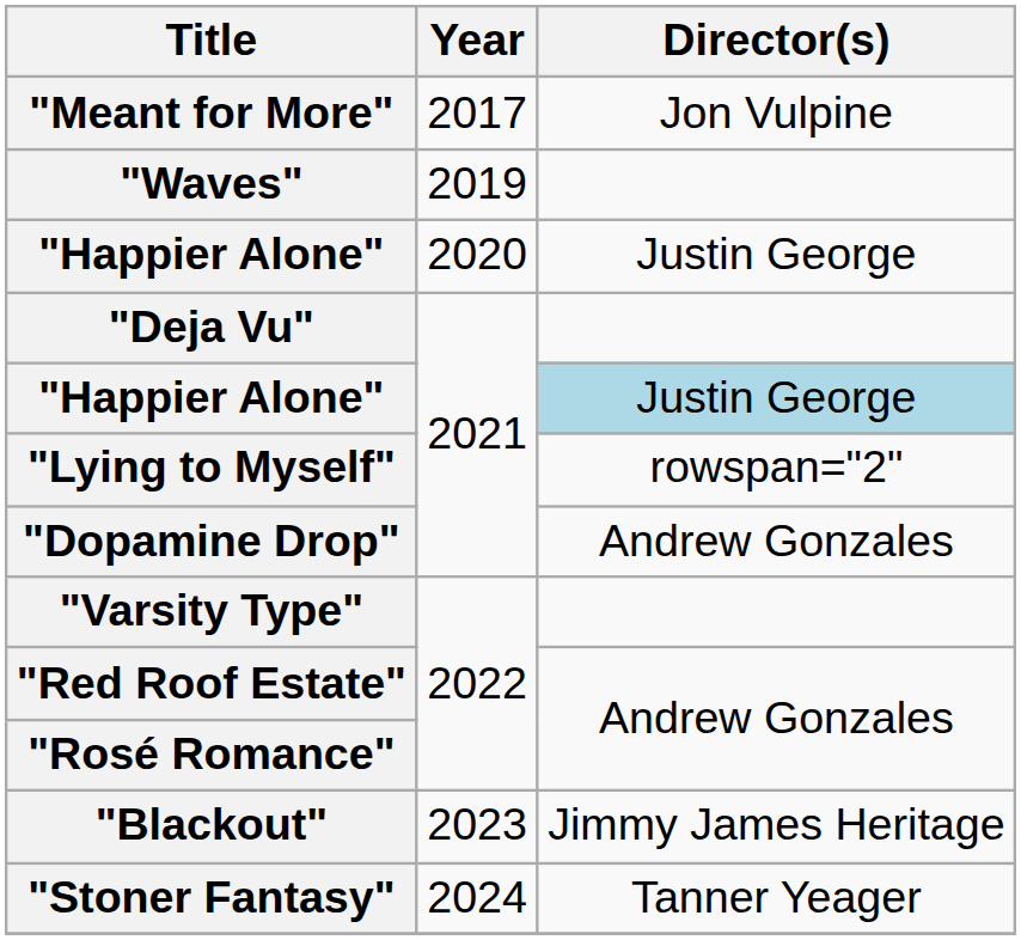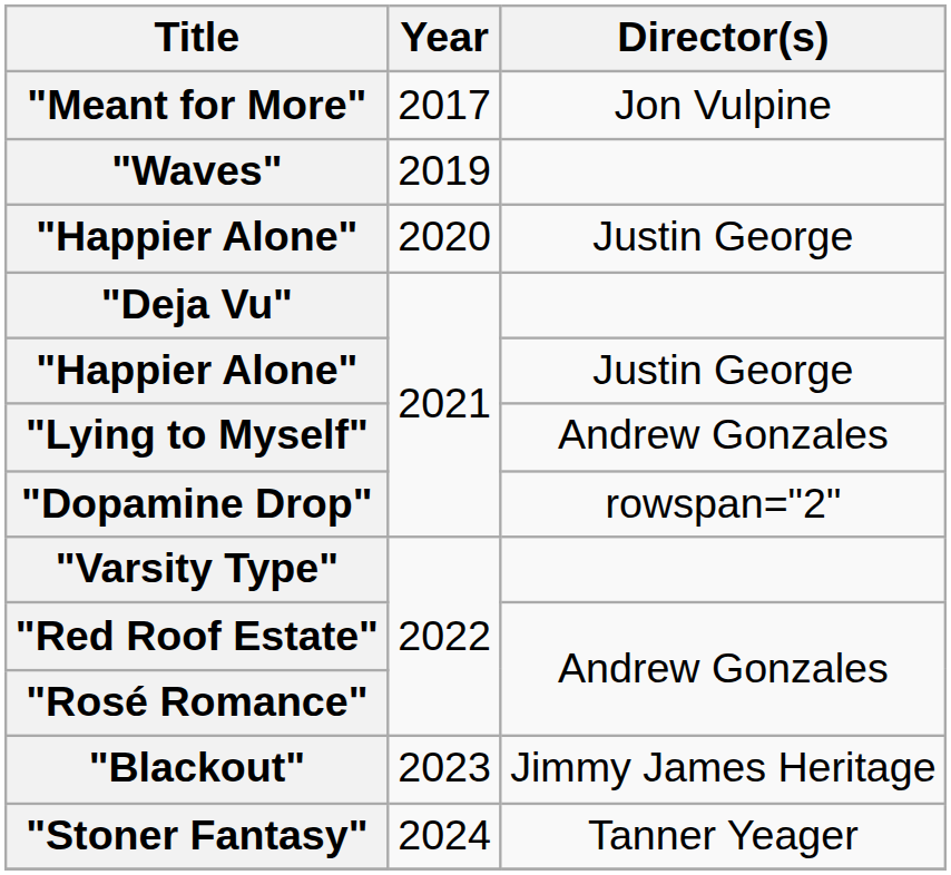 <table class="wikitable plainrowheaders" style="text-align:center;">
 <tr>
 <th scope="col">Title</th>
 <th scope="col">Year</th>
 <th scope="col">Director(s)</th>
 </tr>
 <tr>
 <th scope="row">"Meant for More"</th>
 <td>2017</td>
 <td>Jon Vulpine</td>
 </tr>
 <tr>
 <th scope="row">"Waves"</th>
 <td>2019</td>
 <td></td>
 </tr>
 <tr>
 <th scope="row">"Happier Alone"</th>
 <td>2020</td>
 <td>Justin George</td>
 </tr>
 <tr>
 <th scope="row">"Deja Vu"</th>
 <td rowspan="4">2021</td>
 <td></td>
 </tr>
 <tr>
 <th scope="row">"Happier Alone" </th>
-<td style="background: lightblue;">Justin George</td>
+<td>Justin George</td>
 </tr>
 <tr>
 <th scope="row">"Lying to Myself"</th>
-<td>rowspan="2" </td>
+<td>Andrew Gonzales</td>
 </tr>
 <tr>
 <th scope="row">"Dopamine Drop"</th>
-<td>Andrew Gonzales</td>
+<td>rowspan="2" </td>
 </tr>
 <tr>
 <th scope="row">"Varsity Type"</th>
 <td rowspan="3">2022</td>
 </tr>
 <tr>
 <th scope="row">"Red Roof Estate"</th>
 <td rowspan="2">Andrew Gonzales</td>
 </tr>
 <tr>
 <th scope="row">"Rosé Romance"</th>
 </tr>
 <tr>
 <th scope="row">"Blackout"</th>
 <td>2023</td>
 <td>Jimmy James Heritage</td>
 </tr>
 <tr>
 <th scope="row">"Stoner Fantasy"</th>
 <td>2024</td>
 <td>Tanner Yeager</td>
 </tr>
 <tr>
 </tr>
 </table>
